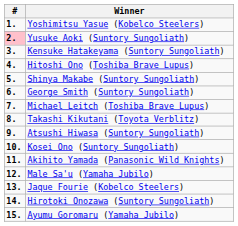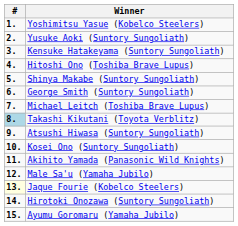 <table class="wikitable" style="font-size:95%; text-align:left;">
 <tr>
 <th style="width:25px;">#</th>
 <th style="width:300px;">Winner</th>
 </tr>
 <tr>
 <td><strong>1.</strong></td>
 <td> <a href='#'>Yoshimitsu Yasue</a> (<a href='#'>Kobelco Steelers</a>)</td>
 </tr>
 <tr>
-<td style="background: pink;"><strong>2.</strong></td>
+<td><strong>2.</strong></td>
 <td> <a href='#'>Yusuke Aoki</a> (<a href='#'>Suntory Sungoliath</a>)</td>
 </tr>
 <tr>
 <td><strong>3.</strong></td>
 <td> <a href='#'>Kensuke Hatakeyama</a> (<a href='#'>Suntory Sungoliath</a>)</td>
 </tr>
 <tr>
 <td><strong>4.</strong></td>
 <td> <a href='#'>Hitoshi Ono</a> (<a href='#'>Toshiba Brave Lupus</a>)</td>
 </tr>
 <tr>
 <td><strong>5.</strong></td>
 <td> <a href='#'>Shinya Makabe</a> (<a href='#'>Suntory Sungoliath</a>)</td>
 </tr>
 <tr>
 <td><strong>6.</strong></td>
 <td> <a href='#'>George Smith</a> (<a href='#'>Suntory Sungoliath</a>)</td>
 </tr>
 <tr>
 <td><strong>7.</strong></td>
 <td> <a href='#'>Michael Leitch</a> (<a href='#'>Toshiba Brave Lupus</a>)</td>
 </tr>
 <tr>
-<td><strong>8.</strong></td>
+<td style="background: lightblue;"><strong>8.</strong></td>
 <td> <a href='#'>Takashi Kikutani</a> (<a href='#'>Toyota Verblitz</a>)</td>
 </tr>
 <tr>
 <td><strong>9.</strong></td>
 <td> <a href='#'>Atsushi Hiwasa</a> (<a href='#'>Suntory Sungoliath</a>)</td>
 </tr>
 <tr>
 <td><strong>10.</strong></td>
 <td> <a href='#'>Kosei Ono</a> (<a href='#'>Suntory Sungoliath</a>)</td>
 </tr>
 <tr>
 <td><strong>11.</strong></td>
 <td> <a href='#'>Akihito Yamada</a> (<a href='#'>Panasonic Wild Knights</a>)</td>
 </tr>
 <tr>
 <td><strong>12.</strong></td>
 <td> <a href='#'>Male Sa'u</a> (<a href='#'>Yamaha Jubilo</a>)</td>
 </tr>
 <tr>
-<td><strong>13.</strong></td>
+<td style="background: lightyellow;"><strong>13.</strong></td>
 <td> <a href='#'>Jaque Fourie</a> (<a href='#'>Kobelco Steelers</a>)</td>
 </tr>
 <tr>
 <td><strong>14.</strong></td>
 <td> <a href='#'>Hirotoki Onozawa</a> (<a href='#'>Suntory Sungoliath</a>)</td>
 </tr>
 <tr>
 <td><strong>15.</strong></td>
 <td> <a href='#'>Ayumu Goromaru</a> (<a href='#'>Yamaha Jubilo</a>)</td>
 </tr>
 </table>
